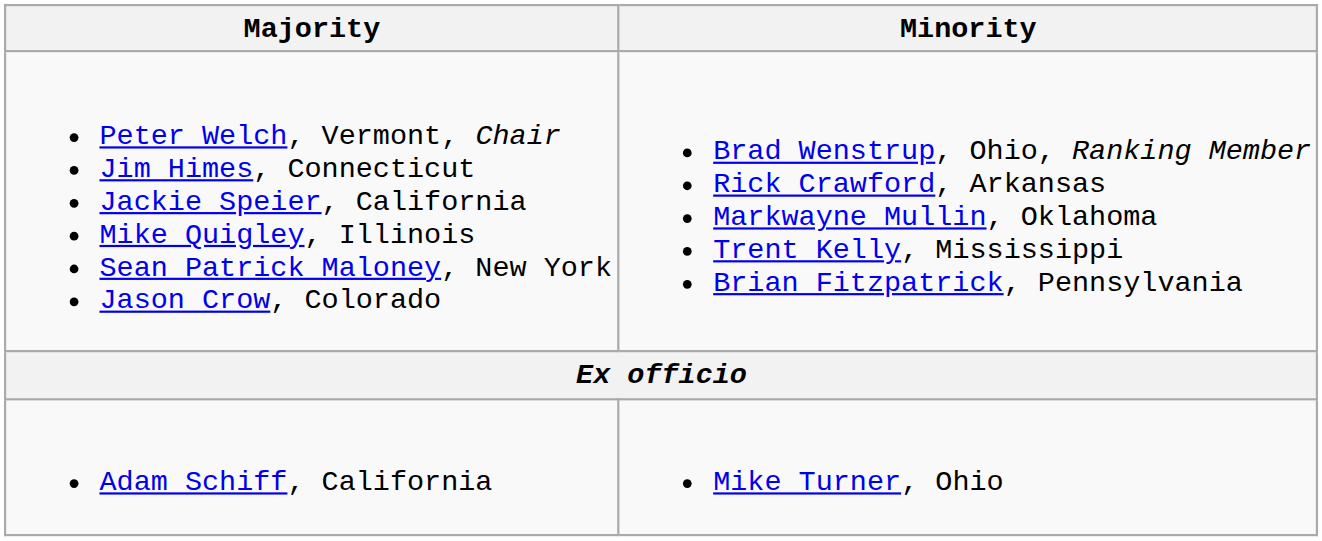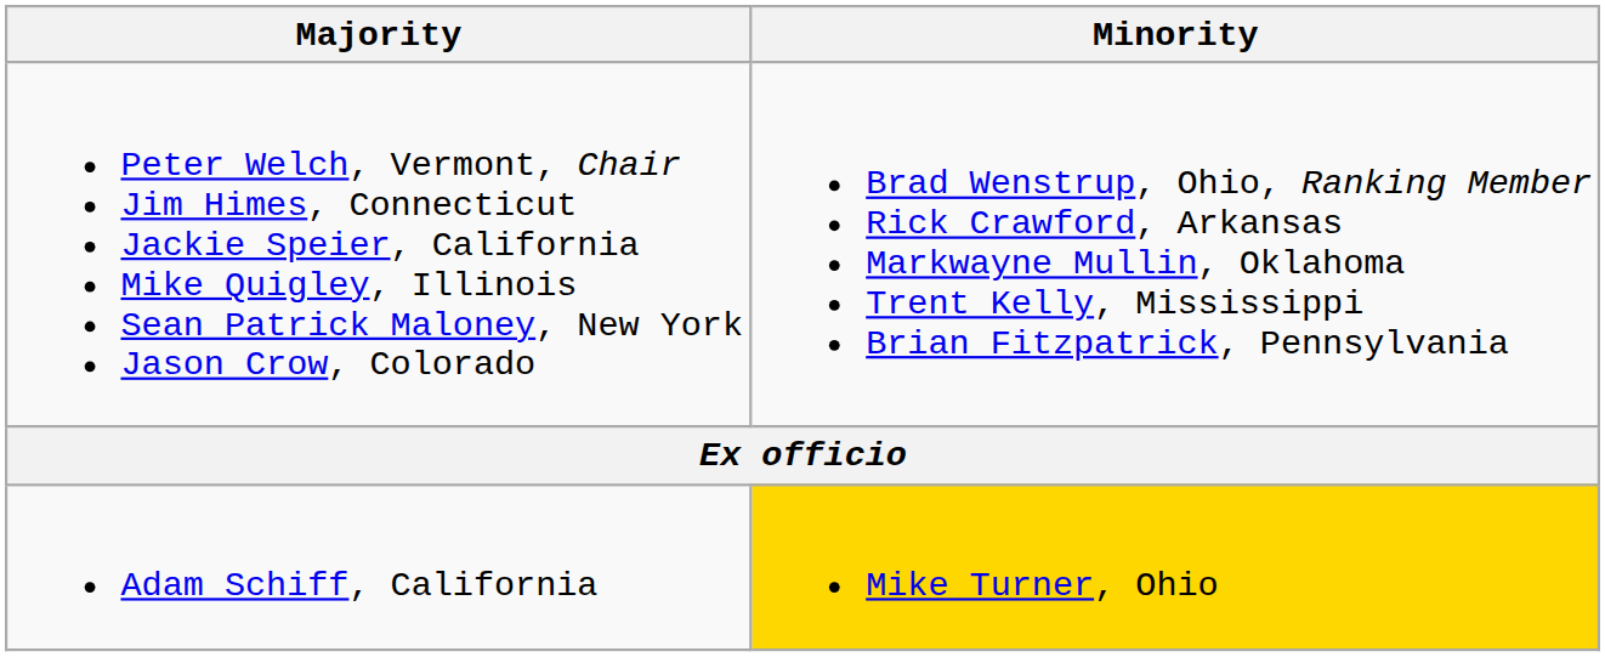 <table class=wikitable>
 <tr>
 <th>Majority</th>
 <th>Minority</th>
 </tr>
 <tr>
 <td><br><ul><li><a href='#'>Peter Welch</a>, Vermont, <em>Chair</em></li><li><a href='#'>Jim Himes</a>, Connecticut</li><li><a href='#'>Jackie Speier</a>, California</li><li><a href='#'>Mike Quigley</a>, Illinois</li><li><a href='#'>Sean Patrick Maloney</a>, New York</li><li><a href='#'>Jason Crow</a>, Colorado</li></ul></td>
 <td><br><ul><li><a href='#'>Brad Wenstrup</a>, Ohio, <em>Ranking Member</em></li><li><a href='#'>Rick Crawford</a>, Arkansas</li><li><a href='#'>Markwayne Mullin</a>, Oklahoma</li><li><a href='#'>Trent Kelly</a>, Mississippi</li><li><a href='#'>Brian Fitzpatrick</a>, Pennsylvania</li></ul></td>
 </tr>
 <tr>
 <th colspan=2><em>Ex officio</em></th>
 </tr>
 <tr>
 <td><br><ul><li><a href='#'>Adam Schiff</a>, California</li></ul></td>
-<td><br><ul><li><a href='#'>Mike Turner</a>, Ohio</li></ul></td>
+<td style="background: gold;"><br><ul><li><a href='#'>Mike Turner</a>, Ohio</li></ul></td>
 </tr>
 </table>
